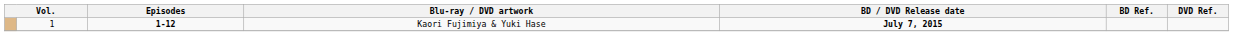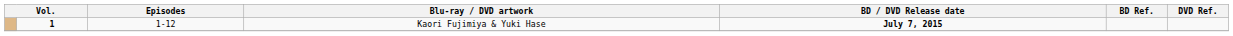 <table class="wikitable" style="text-align: center; width: 98%;">
 <tr>
 <th colspan="2">Vol.</th>
 <th>Episodes</th>
 <th>Blu-ray / DVD artwork</th>
 <th>BD / DVD Release date</th>
 <th width="5%">BD Ref.</th>
 <th width="5%">DVD Ref.</th>
 </tr>
 <tr>
 <td width="1%" style="background: BurlyWood;"></td>
-<td>1</td>
-<td><strong>1-12</strong></td>
+<td><strong>1</strong></td>
+<td>1-12</td>
 <td>Kaori Fujimiya & Yuki Hase</td>
 <td><strong>July 7, 2015</strong></td>
 <td></td>
 <td></td>
 </tr>
 <tr>
 </tr>
 </table>
